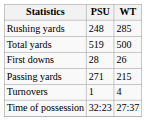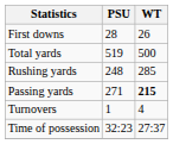 <table class="wikitable" style="float: left;">
 <tr>
 <th>Statistics</th>
 <th>PSU</th>
 <th>WT</th>
 </tr>
 <tr>
-<td>Rushing yards</td>
-<td>248</td>
-<td>285</td>
+<td>First downs</td>
+<td>28</td>
+<td>26</td>
 </tr>
 <tr>
 <td>Total yards</td>
 <td>519</td>
 <td>500</td>
 </tr>
 <tr>
-<td>First downs</td>
-<td>28</td>
-<td>26</td>
+<td>Rushing yards</td>
+<td>248</td>
+<td>285</td>
 </tr>
 <tr>
 <td>Passing yards</td>
 <td>271</td>
-<td>215</td>
+<td><strong>215</strong></td>
 </tr>
 <tr>
 <td>Turnovers</td>
 <td>1</td>
 <td>4</td>
 </tr>
 <tr>
 <td>Time of possession</td>
 <td>32:23</td>
 <td>27:37</td>
 </tr>
 <tr>
 </tr>
 </table>
